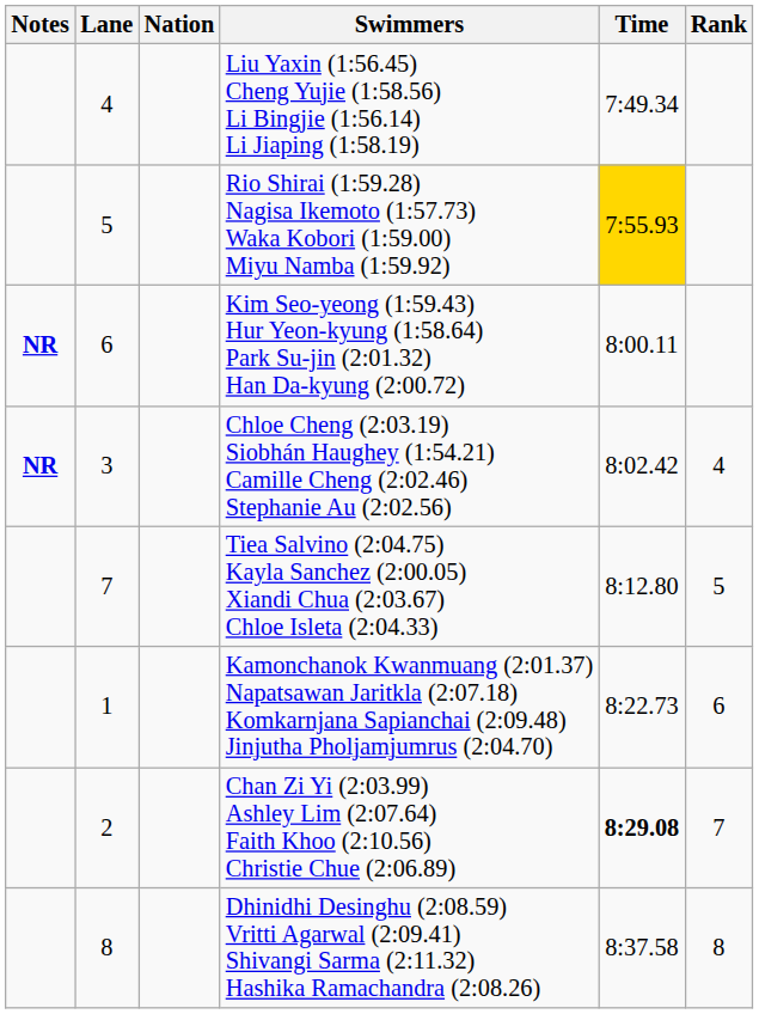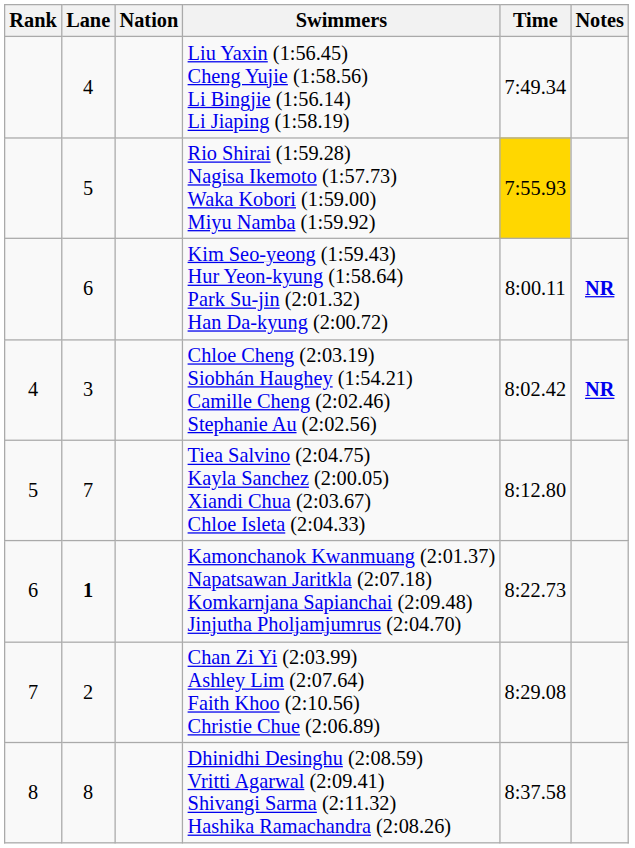 <table class="wikitable sortable" style="text-align:center">
 <tr>
-<th>Notes</th>
+<th>Rank</th>
 <th>Lane</th>
 <th>Nation</th>
 <th>Swimmers</th>
 <th>Time</th>
-<th>Rank</th>
+<th>Notes</th>
 </tr>
 <tr>
 <td></td>
 <td>4</td>
 <td align=left></td>
 <td align=left><a href='#'>Liu Yaxin</a> (1:56.45)<br><a href='#'>Cheng Yujie</a> (1:58.56)<br><a href='#'>Li Bingjie</a> (1:56.14)<br><a href='#'>Li Jiaping</a> (1:58.19)</td>
 <td>7:49.34</td>
 <td></td>
 </tr>
 <tr>
 <td></td>
 <td>5</td>
 <td align=left></td>
 <td align=left><a href='#'>Rio Shirai</a> (1:59.28)<br><a href='#'>Nagisa Ikemoto</a> (1:57.73)<br><a href='#'>Waka Kobori</a> (1:59.00)<br><a href='#'>Miyu Namba</a> (1:59.92)</td>
 <td style="background: gold;">7:55.93</td>
 <td></td>
 </tr>
 <tr>
-<td><strong><a href='#'>NR</a></strong></td>
+<td></td>
 <td>6</td>
 <td align=left></td>
 <td align=left><a href='#'>Kim Seo-yeong</a> (1:59.43)<br><a href='#'>Hur Yeon-kyung</a> (1:58.64)<br><a href='#'>Park Su-jin</a> (2:01.32)<br><a href='#'>Han Da-kyung</a> (2:00.72)</td>
 <td>8:00.11</td>
-<td></td>
+<td><strong><a href='#'>NR</a></strong></td>
 </tr>
 <tr>
-<td><strong><a href='#'>NR</a></strong></td>
+<td>4</td>
 <td>3</td>
 <td align=left></td>
 <td align=left><a href='#'>Chloe Cheng</a> (2:03.19)<br><a href='#'>Siobhán Haughey</a> (1:54.21)<br><a href='#'>Camille Cheng</a> (2:02.46)<br><a href='#'>Stephanie Au</a> (2:02.56)</td>
 <td>8:02.42</td>
-<td>4</td>
+<td><strong><a href='#'>NR</a></strong></td>
 </tr>
 <tr>
-<td></td>
+<td>5</td>
 <td>7</td>
 <td align=left></td>
 <td align=left><a href='#'>Tiea Salvino</a> (2:04.75)<br><a href='#'>Kayla Sanchez</a> (2:00.05)<br><a href='#'>Xiandi Chua</a> (2:03.67)<br><a href='#'>Chloe Isleta</a> (2:04.33)</td>
 <td>8:12.80</td>
-<td>5</td>
+<td></td>
 </tr>
 <tr>
-<td></td>
-<td>1</td>
+<td>6</td>
+<td><strong>1</strong></td>
 <td align=left></td>
 <td align=left><a href='#'>Kamonchanok Kwanmuang</a> (2:01.37)<br><a href='#'>Napatsawan Jaritkla</a> (2:07.18)<br><a href='#'>Komkarnjana Sapianchai</a> (2:09.48)<br><a href='#'>Jinjutha Pholjamjumrus</a> (2:04.70)</td>
 <td>8:22.73</td>
-<td>6</td>
+<td></td>
 </tr>
 <tr>
-<td></td>
+<td>7</td>
 <td>2</td>
 <td align=left></td>
 <td align=left><a href='#'>Chan Zi Yi</a> (2:03.99)<br><a href='#'>Ashley Lim</a> (2:07.64)<br><a href='#'>Faith Khoo</a> (2:10.56)<br><a href='#'>Christie Chue</a> (2:06.89)</td>
-<td><strong>8:29.08</strong></td>
-<td>7</td>
+<td>8:29.08</td>
+<td></td>
 </tr>
 <tr>
-<td></td>
+<td>8</td>
 <td>8</td>
 <td align=left></td>
 <td align=left><a href='#'>Dhinidhi Desinghu</a> (2:08.59)<br><a href='#'>Vritti Agarwal</a> (2:09.41)<br><a href='#'>Shivangi Sarma</a> (2:11.32)<br><a href='#'>Hashika Ramachandra</a> (2:08.26)</td>
 <td>8:37.58</td>
-<td>8</td>
+<td></td>
 </tr>
 </table>
